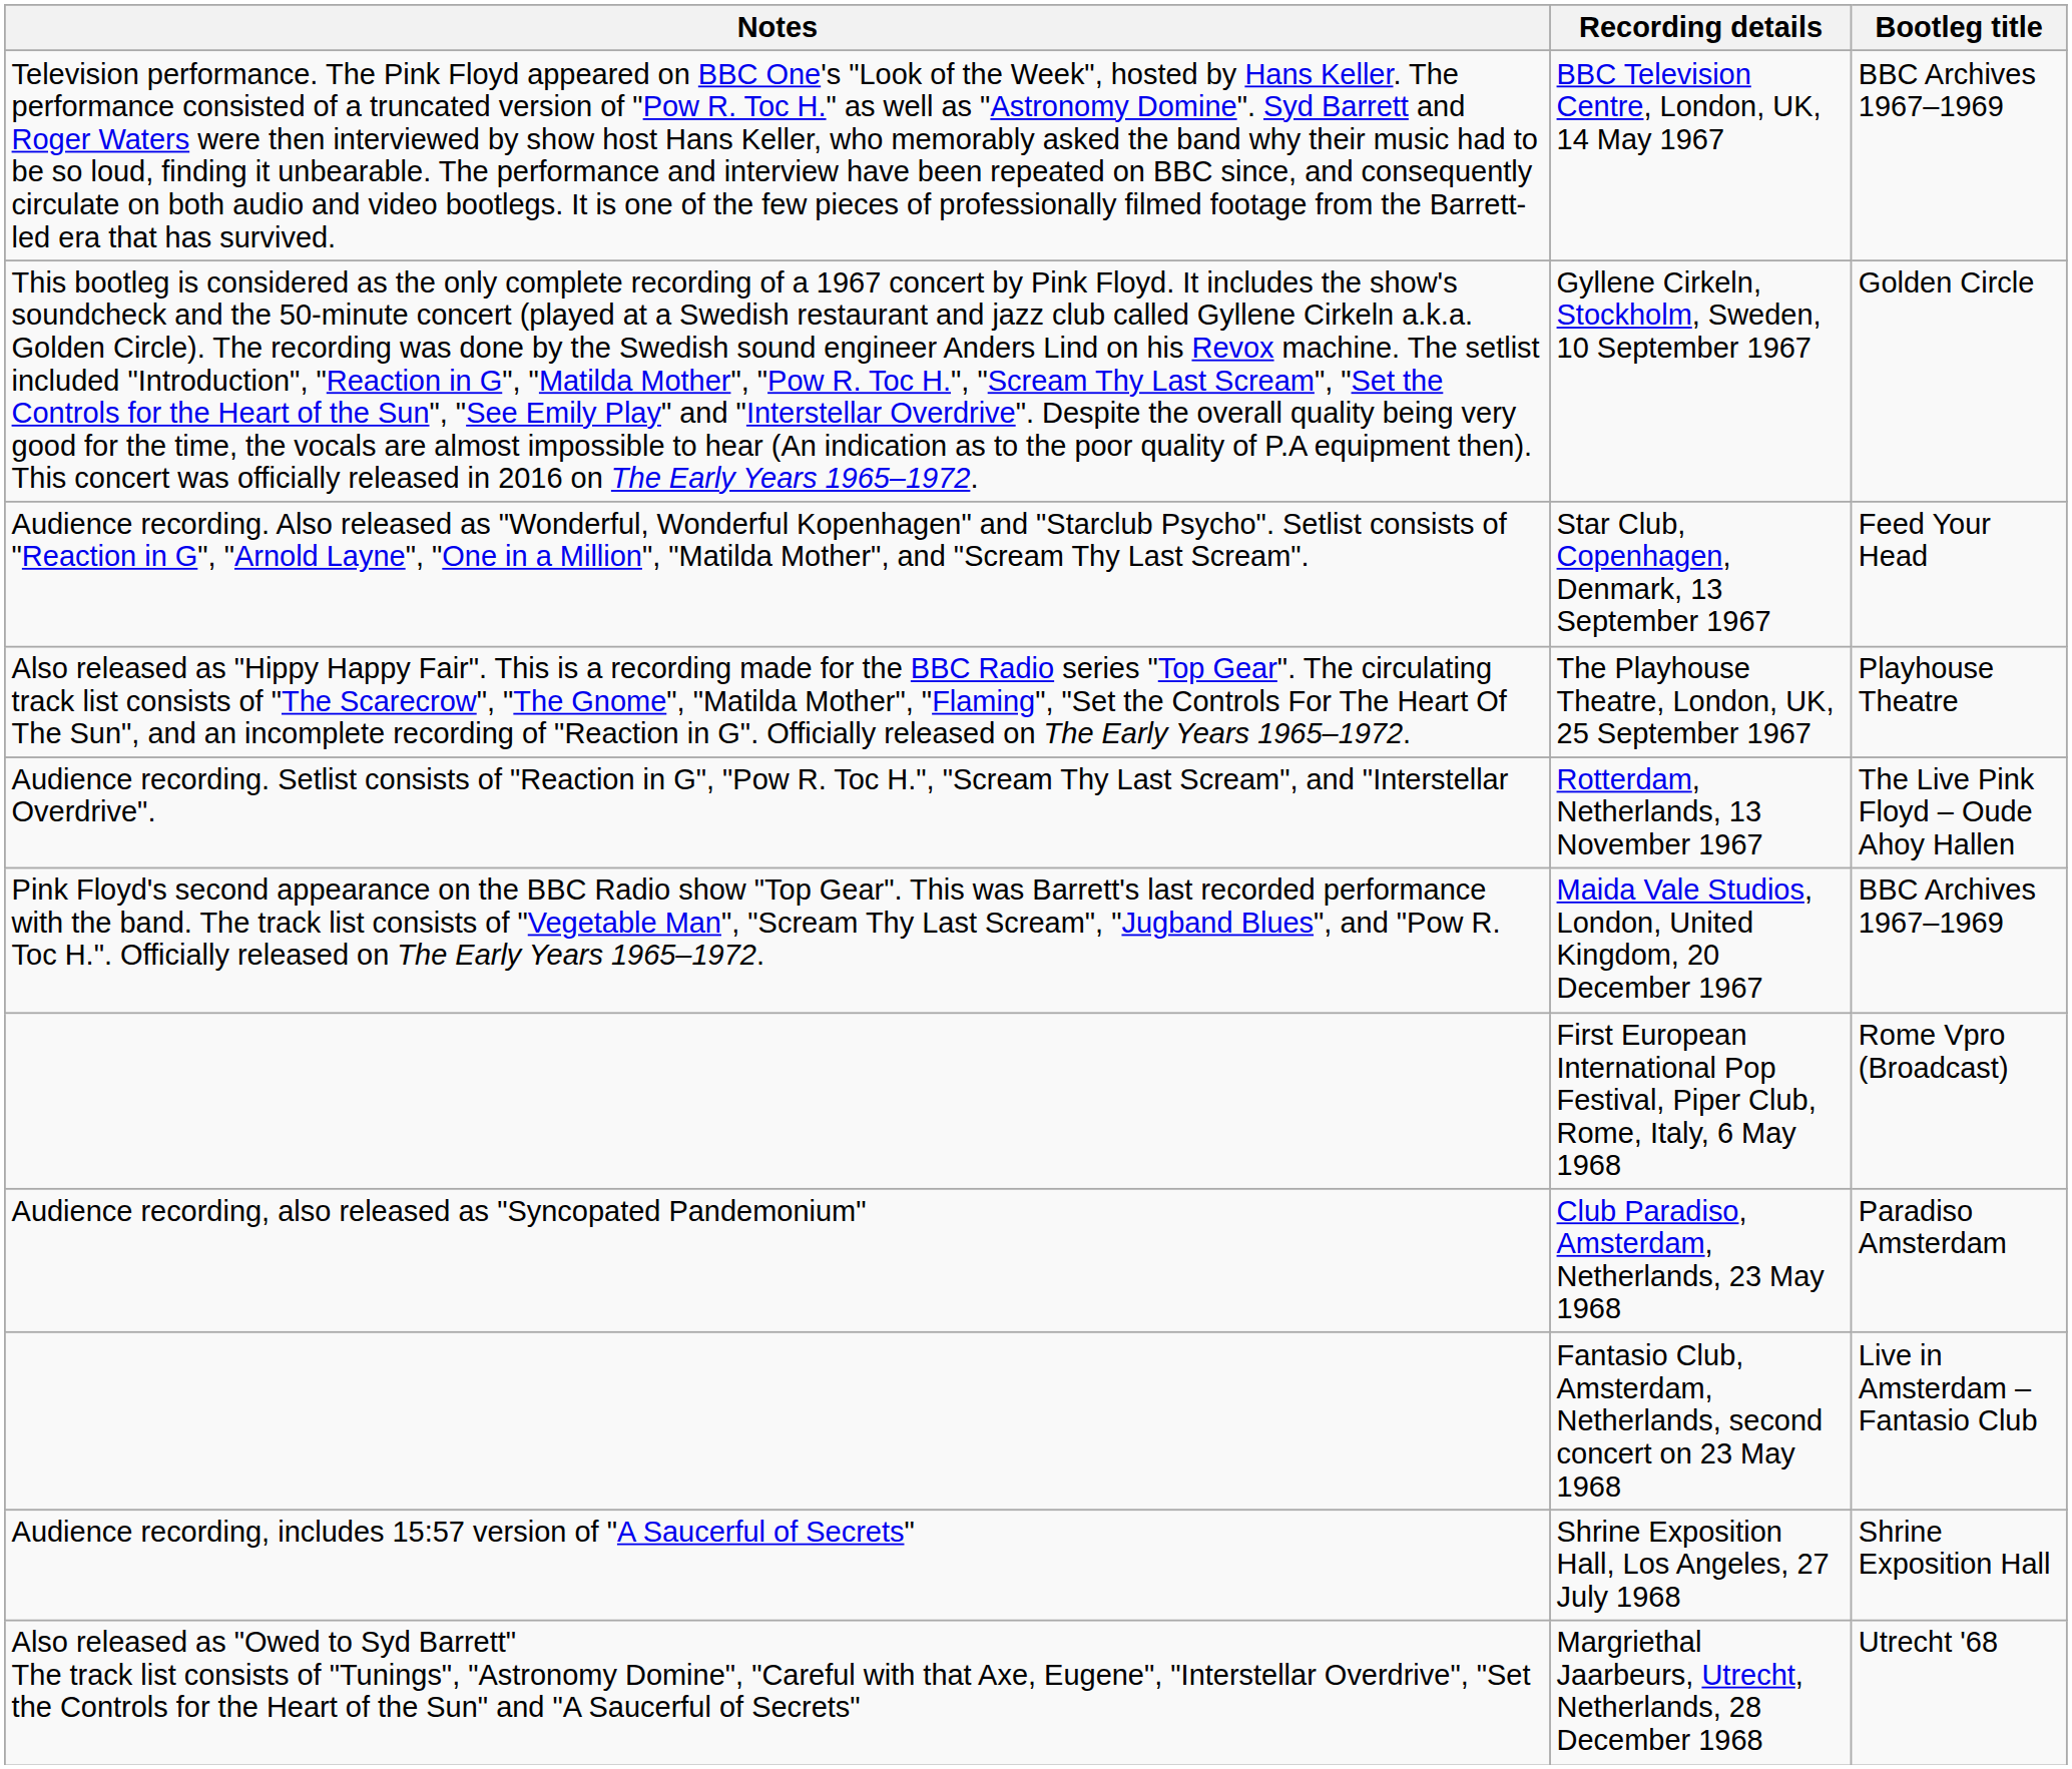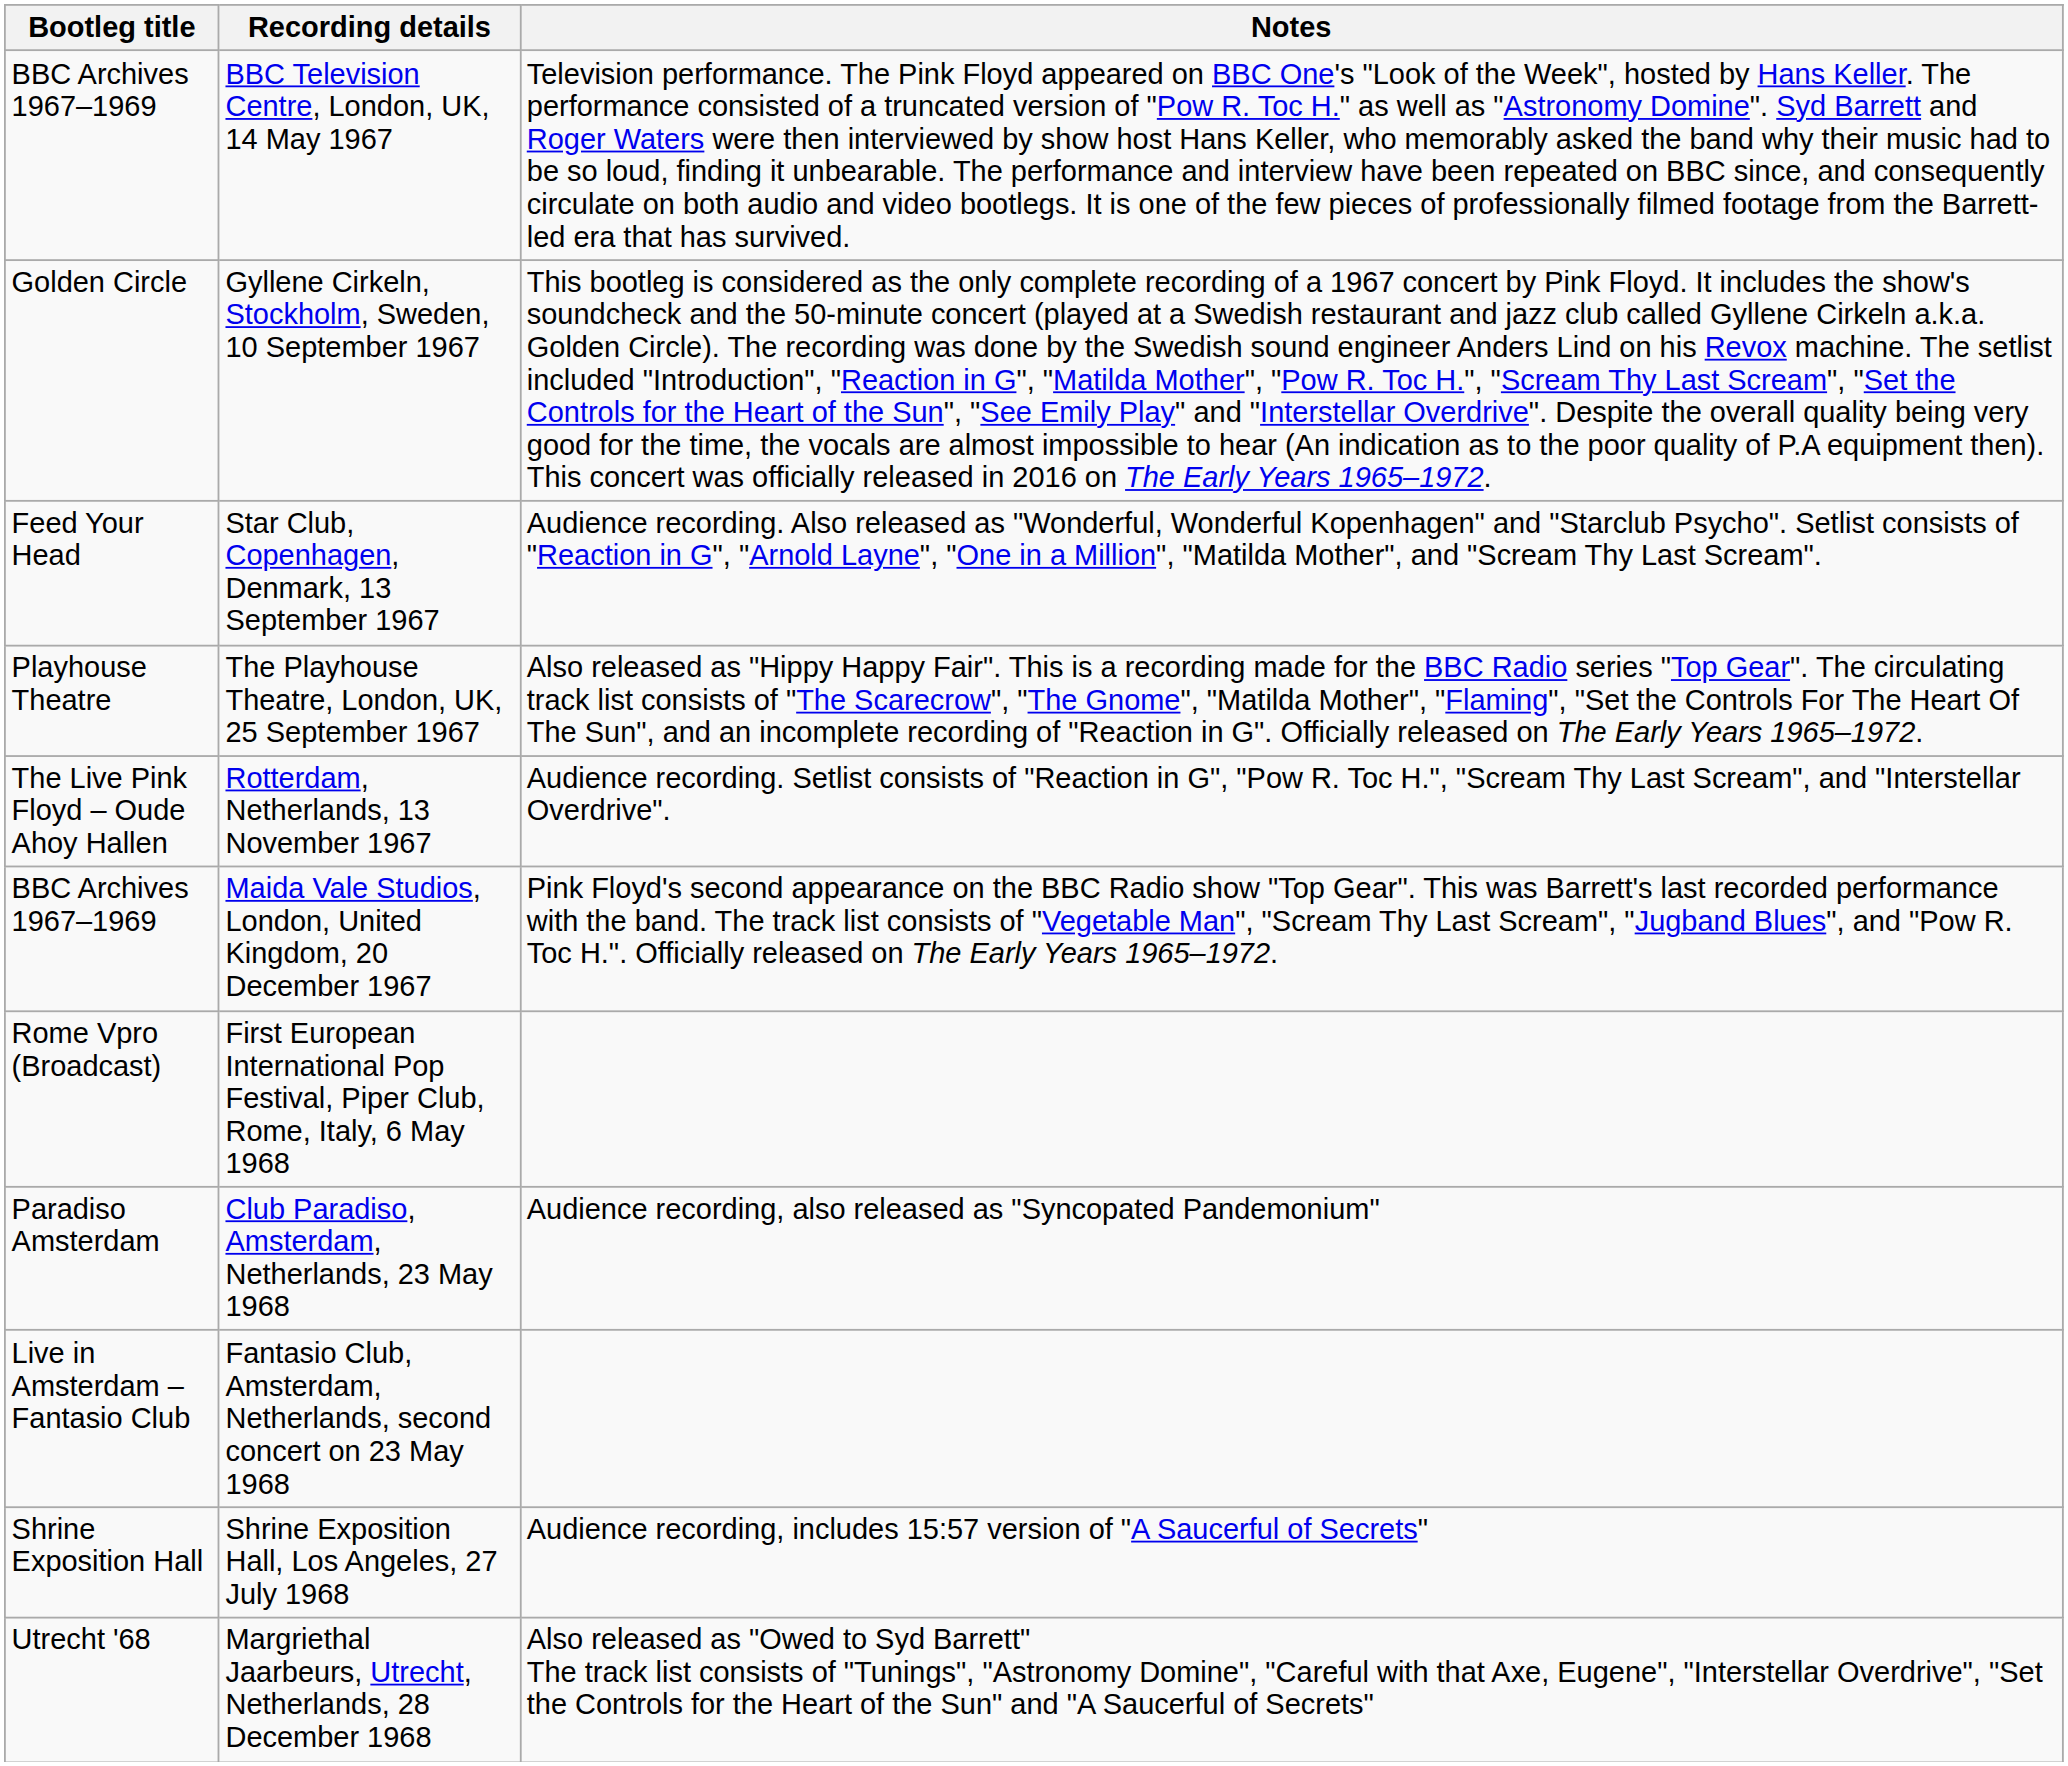 <table class="wikitable" style="width:90%; padding:5px; align:center;">
 <tr>
+<th>Bootleg title</th>
+<th>Recording details</th>
 <th>Notes</th>
-<th>Recording details</th>
-<th>Bootleg title</th>
 </tr>
 <tr>
+<td valign="top">BBC Archives 1967–1969</td>
+<td valign="top"><a href='#'>BBC Television Centre</a>, London, UK, 14 May 1967</td>
 <td valign="top">Television performance. The Pink Floyd appeared on <a href='#'>BBC One</a>'s "Look of the Week", hosted by <a href='#'>Hans Keller</a>. The performance consisted of a truncated version of "<a href='#'>Pow R. Toc H.</a>" as well as "<a href='#'>Astronomy Domine</a>". <a href='#'>Syd Barrett</a> and <a href='#'>Roger Waters</a> were then interviewed by show host Hans Keller, who memorably asked the band why their music had to be so loud, finding it unbearable. The performance and interview have been repeated on BBC since, and consequently circulate on both audio and video bootlegs. It is one of the few pieces of professionally filmed footage from the Barrett-led era that has survived.</td>
-<td valign="top"><a href='#'>BBC Television Centre</a>, London, UK, 14 May 1967</td>
-<td valign="top">BBC Archives 1967–1969</td>
 </tr>
 <tr>
+<td valign="top">Golden Circle</td>
+<td valign="top">Gyllene Cirkeln, <a href='#'>Stockholm</a>, Sweden, 10 September 1967</td>
 <td valign="top">This bootleg is considered as the only complete recording of a 1967 concert by Pink Floyd. It includes the show's soundcheck and the 50-minute concert (played at a Swedish restaurant and jazz club called Gyllene Cirkeln a.k.a. Golden Circle). The recording was done by the Swedish sound engineer Anders Lind on his <a href='#'>Revox</a> machine. The setlist included "Introduction", "<a href='#'>Reaction in G</a>", "<a href='#'>Matilda Mother</a>", "<a href='#'>Pow R. Toc H.</a>", "<a href='#'>Scream Thy Last Scream</a>", "<a href='#'>Set the Controls for the Heart of the Sun</a>", "<a href='#'>See Emily Play</a>" and "<a href='#'>Interstellar Overdrive</a>". Despite the overall quality being very good for the time, the vocals are almost impossible to hear (An indication as to the poor quality of P.A equipment then). This concert was officially released in 2016 on <em><a href='#'>The Early Years 1965–1972</a></em>.</td>
-<td valign="top">Gyllene Cirkeln, <a href='#'>Stockholm</a>, Sweden, 10 September 1967</td>
-<td valign="top">Golden Circle</td>
 </tr>
 <tr>
+<td valign="top">Feed Your Head</td>
+<td valign="top">Star Club, <a href='#'>Copenhagen</a>, Denmark, 13 September 1967</td>
 <td valign="top">Audience recording. Also released as "Wonderful, Wonderful Kopenhagen" and "Starclub Psycho". Setlist consists of "<a href='#'>Reaction in G</a>", "<a href='#'>Arnold Layne</a>", "<a href='#'>One in a Million</a>", "Matilda Mother", and "Scream Thy Last Scream".</td>
-<td valign="top">Star Club, <a href='#'>Copenhagen</a>, Denmark, 13 September 1967</td>
-<td valign="top">Feed Your Head</td>
 </tr>
 <tr>
+<td valign="top">Playhouse Theatre</td>
+<td valign="top">The Playhouse Theatre, London, UK, 25 September 1967</td>
 <td valign="top">Also released as "Hippy Happy Fair". This is a recording made for the <a href='#'>BBC Radio</a> series "<a href='#'>Top Gear</a>". The circulating track list consists of "<a href='#'>The Scarecrow</a>", "<a href='#'>The Gnome</a>", "Matilda Mother", "<a href='#'>Flaming</a>", "Set the Controls For The Heart Of The Sun", and an incomplete recording of "Reaction in G". Officially released on <em>The Early Years 1965–1972</em>.</td>
-<td valign="top">The Playhouse Theatre, London, UK, 25 September 1967</td>
-<td valign="top">Playhouse Theatre</td>
 </tr>
 <tr>
+<td valign="top">The Live Pink Floyd – Oude Ahoy Hallen</td>
+<td valign="top"><a href='#'>Rotterdam</a>, Netherlands, 13 November 1967</td>
 <td valign="top">Audience recording. Setlist consists of "Reaction in G", "Pow R. Toc H.", "Scream Thy Last Scream", and "Interstellar Overdrive".</td>
-<td valign="top"><a href='#'>Rotterdam</a>, Netherlands, 13 November 1967</td>
-<td valign="top">The Live Pink Floyd – Oude Ahoy Hallen</td>
 </tr>
 <tr>
+<td valign="top">BBC Archives 1967–1969</td>
+<td valign="top"><a href='#'>Maida Vale Studios</a>, London, United Kingdom, 20 December 1967</td>
 <td valign="top">Pink Floyd's second appearance on the BBC Radio show "Top Gear". This was Barrett's last recorded performance with the band. The track list consists of "<a href='#'>Vegetable Man</a>", "Scream Thy Last Scream", "<a href='#'>Jugband Blues</a>", and "Pow R. Toc H.". Officially released on <em>The Early Years 1965–1972</em>.</td>
-<td valign="top"><a href='#'>Maida Vale Studios</a>, London, United Kingdom, 20 December 1967</td>
-<td valign="top">BBC Archives 1967–1969</td>
 </tr>
 <tr>
+<td valign="top">Rome Vpro (Broadcast)</td>
+<td valign="top">First European International Pop Festival, Piper Club, Rome, Italy, 6 May 1968</td>
 <td valign="top"></td>
-<td valign="top">First European International Pop Festival, Piper Club, Rome, Italy, 6 May 1968</td>
-<td valign="top">Rome Vpro (Broadcast)</td>
 </tr>
 <tr>
+<td valign="top">Paradiso Amsterdam</td>
+<td valign="top"><a href='#'>Club Paradiso</a>, <a href='#'>Amsterdam</a>, Netherlands, 23 May 1968</td>
 <td valign="top">Audience recording, also released as "Syncopated Pandemonium"</td>
-<td valign="top"><a href='#'>Club Paradiso</a>, <a href='#'>Amsterdam</a>, Netherlands, 23 May 1968</td>
-<td valign="top">Paradiso Amsterdam</td>
 </tr>
 <tr>
+<td valign="top">Live in Amsterdam – Fantasio Club</td>
+<td valign="top">Fantasio Club, Amsterdam, Netherlands, second concert on 23 May 1968</td>
 <td valign="top"></td>
-<td valign="top">Fantasio Club, Amsterdam, Netherlands, second concert on 23 May 1968</td>
-<td valign="top">Live in Amsterdam – Fantasio Club</td>
 </tr>
 <tr>
+<td valign="top">Shrine Exposition Hall</td>
+<td valign="top">Shrine Exposition Hall, Los Angeles, 27 July 1968</td>
 <td valign="top">Audience recording, includes 15:57 version of "<a href='#'>A Saucerful of Secrets</a>"</td>
-<td valign="top">Shrine Exposition Hall, Los Angeles, 27 July 1968</td>
-<td valign="top">Shrine Exposition Hall</td>
 </tr>
 <tr>
+<td valign="top">Utrecht '68</td>
+<td valign="top">Margriethal Jaarbeurs, <a href='#'>Utrecht</a>, Netherlands, 28 December 1968</td>
 <td valign="top">Also released as "Owed to Syd Barrett"<br>The track list consists of "Tunings", "Astronomy Domine", "Careful with that Axe, Eugene", "Interstellar Overdrive", "Set the Controls for the Heart of the Sun" and "A Saucerful of Secrets"</td>
-<td valign="top">Margriethal Jaarbeurs, <a href='#'>Utrecht</a>, Netherlands, 28 December 1968</td>
-<td valign="top">Utrecht '68</td>
 </tr>
 </table>
